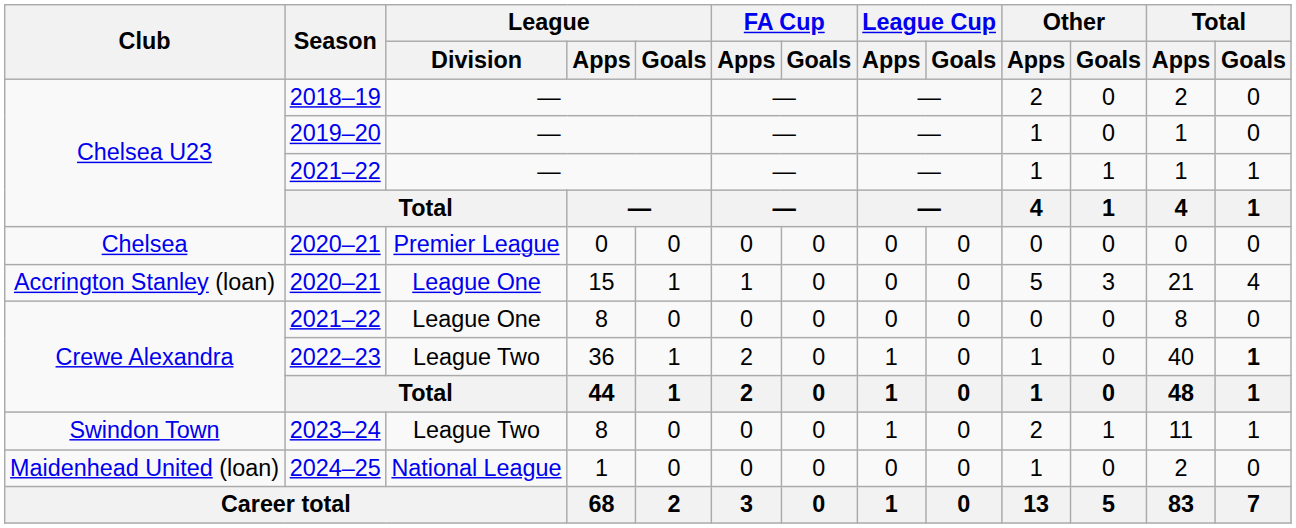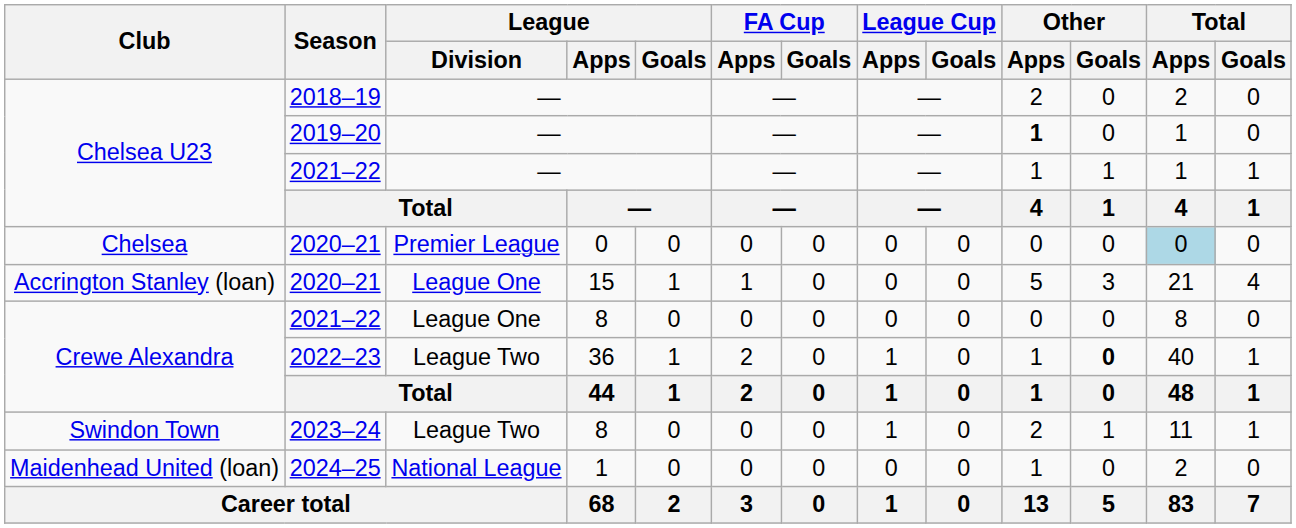 <table class="wikitable" style="text-align: center">
 <tr>
 <th rowspan="2">Club</th>
 <th rowspan="2">Season</th>
 <th colspan="3">League</th>
 <th colspan="2"><a href='#'>FA Cup</a></th>
 <th colspan="2"><a href='#'>League Cup</a></th>
 <th colspan="2">Other</th>
 <th colspan="2">Total</th>
 </tr>
 <tr>
 <th>Division</th>
 <th>Apps</th>
 <th>Goals</th>
 <th>Apps</th>
 <th>Goals</th>
 <th>Apps</th>
 <th>Goals</th>
 <th>Apps</th>
 <th>Goals</th>
 <th>Apps</th>
 <th>Goals</th>
 </tr>
 <tr>
 <td rowspan="4"><a href='#'>Chelsea U23</a></td>
 <td><a href='#'>2018–19</a></td>
 <td colspan=3>—</td>
 <td colspan=2>—</td>
 <td colspan=2>—</td>
 <td>2</td>
 <td>0</td>
 <td>2</td>
 <td>0</td>
 </tr>
 <tr>
 <td><a href='#'>2019–20</a></td>
 <td colspan=3>—</td>
 <td colspan=2>—</td>
 <td colspan=2>—</td>
-<td>1</td>
+<td><strong>1</strong></td>
 <td>0</td>
 <td>1</td>
 <td>0</td>
 </tr>
 <tr>
 <td><a href='#'>2021–22</a></td>
 <td colspan=3>—</td>
 <td colspan=2>—</td>
 <td colspan=2>—</td>
 <td>1</td>
 <td>1</td>
 <td>1</td>
 <td>1</td>
 </tr>
 <tr>
 <th colspan="2">Total</th>
 <th colspan=2>—</th>
 <th colspan=2>—</th>
 <th colspan=2>—</th>
 <th>4</th>
 <th>1</th>
 <th>4</th>
 <th>1</th>
 </tr>
 <tr>
 <td><a href='#'>Chelsea</a></td>
 <td><a href='#'>2020–21</a></td>
 <td><a href='#'>Premier League</a></td>
 <td>0</td>
 <td>0</td>
 <td>0</td>
 <td>0</td>
 <td>0</td>
 <td>0</td>
 <td>0</td>
 <td>0</td>
-<td>0</td>
+<td style="background: lightblue;">0</td>
 <td>0</td>
 </tr>
 <tr>
 <td><a href='#'>Accrington Stanley</a> (loan)</td>
 <td><a href='#'>2020–21</a></td>
 <td><a href='#'>League One</a></td>
 <td>15</td>
 <td>1</td>
 <td>1</td>
 <td>0</td>
 <td>0</td>
 <td>0</td>
 <td>5</td>
 <td>3</td>
 <td>21</td>
 <td>4</td>
 </tr>
 <tr>
 <td rowspan="3"><a href='#'>Crewe Alexandra</a></td>
 <td><a href='#'>2021–22</a></td>
 <td>League One</td>
 <td>8</td>
 <td>0</td>
 <td>0</td>
 <td>0</td>
 <td>0</td>
 <td>0</td>
 <td>0</td>
 <td>0</td>
 <td>8</td>
 <td>0</td>
 </tr>
 <tr>
 <td><a href='#'>2022–23</a></td>
 <td>League Two</td>
 <td>36</td>
 <td>1</td>
 <td>2</td>
 <td>0</td>
 <td>1</td>
 <td>0</td>
 <td>1</td>
-<td>0</td>
+<td><strong>0</strong></td>
 <td>40</td>
-<td><strong>1</strong></td>
+<td>1</td>
 </tr>
 <tr>
 <th colspan="2">Total</th>
 <th>44</th>
 <th>1</th>
 <th>2</th>
 <th>0</th>
 <th>1</th>
 <th>0</th>
 <th>1</th>
 <th>0</th>
 <th>48</th>
 <th>1</th>
 </tr>
 <tr>
 <td><a href='#'>Swindon Town</a></td>
 <td><a href='#'>2023–24</a></td>
 <td>League Two</td>
 <td>8</td>
 <td>0</td>
 <td>0</td>
 <td>0</td>
 <td>1</td>
 <td>0</td>
 <td>2</td>
 <td>1</td>
 <td>11</td>
 <td>1</td>
 </tr>
 <tr>
 <td><a href='#'>Maidenhead United</a> (loan)</td>
 <td><a href='#'>2024–25</a></td>
 <td><a href='#'>National League</a></td>
 <td>1</td>
 <td>0</td>
 <td>0</td>
 <td>0</td>
 <td>0</td>
 <td>0</td>
 <td>1</td>
 <td>0</td>
 <td>2</td>
 <td>0</td>
 </tr>
 <tr>
 <th colspan="3">Career total</th>
 <th>68</th>
 <th>2</th>
 <th>3</th>
 <th>0</th>
 <th>1</th>
 <th>0</th>
 <th>13</th>
 <th>5</th>
 <th>83</th>
 <th>7</th>
 </tr>
 </table>
